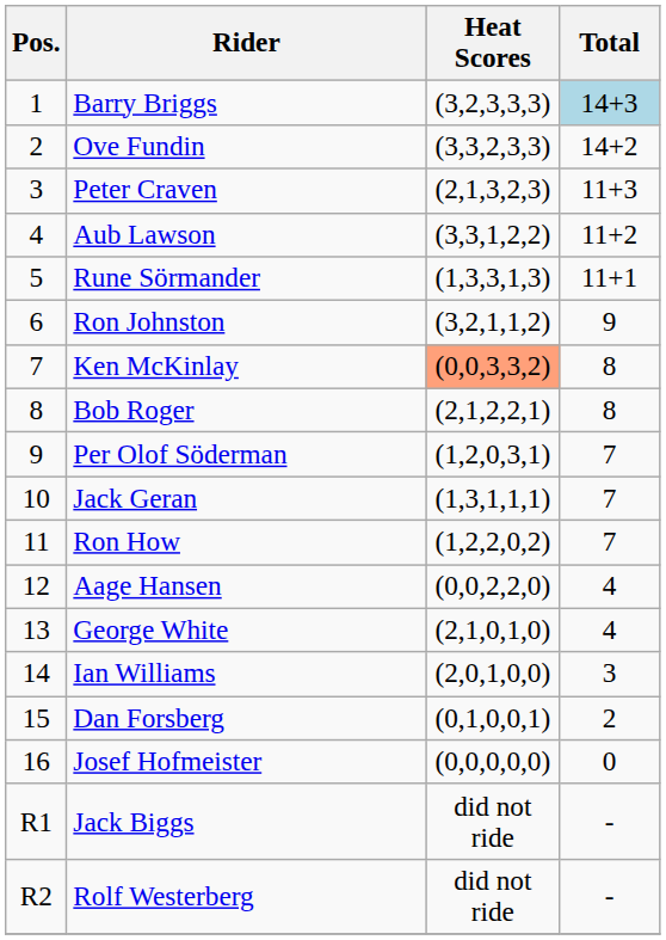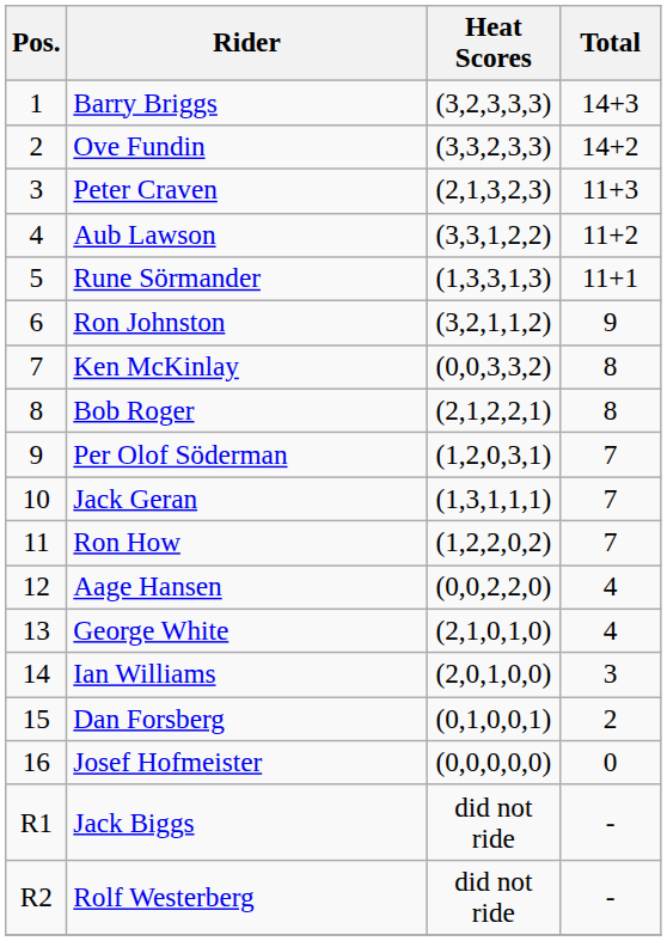 <table class=wikitable>
 <tr>
 <th width=25px>Pos.</th>
 <th width=200px>Rider</th>
 <th width=70px>Heat Scores</th>
 <th width=50px>Total</th>
 </tr>
 <tr align=center >
 <td>1</td>
 <td align=left> <a href='#'>Barry Briggs</a></td>
 <td>(3,2,3,3,3)</td>
-<td style="background: lightblue;">14+3</td>
+<td>14+3</td>
 </tr>
 <tr align=center >
 <td>2</td>
 <td align=left> <a href='#'>Ove Fundin</a></td>
 <td>(3,3,2,3,3)</td>
 <td>14+2</td>
 </tr>
 <tr align=center >
 <td>3</td>
 <td align=left> <a href='#'>Peter Craven</a></td>
 <td>(2,1,3,2,3)</td>
 <td>11+3</td>
 </tr>
 <tr align=center>
 <td>4</td>
 <td align=left> <a href='#'>Aub Lawson</a></td>
 <td>(3,3,1,2,2)</td>
 <td>11+2</td>
 </tr>
 <tr align=center>
 <td>5</td>
 <td align=left> <a href='#'>Rune Sörmander</a></td>
 <td>(1,3,3,1,3)</td>
 <td>11+1</td>
 </tr>
 <tr align=center>
 <td>6</td>
 <td align=left> <a href='#'>Ron Johnston</a></td>
 <td>(3,2,1,1,2)</td>
 <td>9</td>
 </tr>
 <tr align=center>
 <td>7</td>
 <td align=left> <a href='#'>Ken McKinlay</a></td>
-<td style="background: lightsalmon;">(0,0,3,3,2)</td>
+<td>(0,0,3,3,2)</td>
 <td>8</td>
 </tr>
 <tr align=center>
 <td>8</td>
 <td align=left> <a href='#'>Bob Roger</a></td>
 <td>(2,1,2,2,1)</td>
 <td>8</td>
 </tr>
 <tr align=center>
 <td>9</td>
 <td align=left> <a href='#'>Per Olof Söderman</a></td>
 <td>(1,2,0,3,1)</td>
 <td>7</td>
 </tr>
 <tr align=center>
 <td>10</td>
 <td align=left> <a href='#'>Jack Geran</a></td>
 <td>(1,3,1,1,1)</td>
 <td>7</td>
 </tr>
 <tr align=center>
 <td>11</td>
 <td align=left> <a href='#'>Ron How</a></td>
 <td>(1,2,2,0,2)</td>
 <td>7</td>
 </tr>
 <tr align=center>
 <td>12</td>
 <td align=left> <a href='#'>Aage Hansen</a></td>
 <td>(0,0,2,2,0)</td>
 <td>4</td>
 </tr>
 <tr align=center>
 <td>13</td>
 <td align=left> <a href='#'>George White</a></td>
 <td>(2,1,0,1,0)</td>
 <td>4</td>
 </tr>
 <tr align=center>
 <td>14</td>
 <td align=left> <a href='#'>Ian Williams</a></td>
 <td>(2,0,1,0,0)</td>
 <td>3</td>
 </tr>
 <tr align=center>
 <td>15</td>
 <td align=left> <a href='#'>Dan Forsberg</a></td>
 <td>(0,1,0,0,1)</td>
 <td>2</td>
 </tr>
 <tr align=center>
 <td>16</td>
 <td align=left> <a href='#'>Josef Hofmeister</a></td>
 <td>(0,0,0,0,0)</td>
 <td>0</td>
 </tr>
 <tr align=center>
 <td>R1</td>
 <td align=left> <a href='#'>Jack Biggs</a></td>
 <td>did not ride</td>
 <td>-</td>
 </tr>
 <tr align=center>
 <td>R2</td>
 <td align=left> <a href='#'>Rolf Westerberg</a></td>
 <td>did not ride</td>
 <td>-</td>
 </tr>
 <tr align=center>
 </tr>
 </table>
